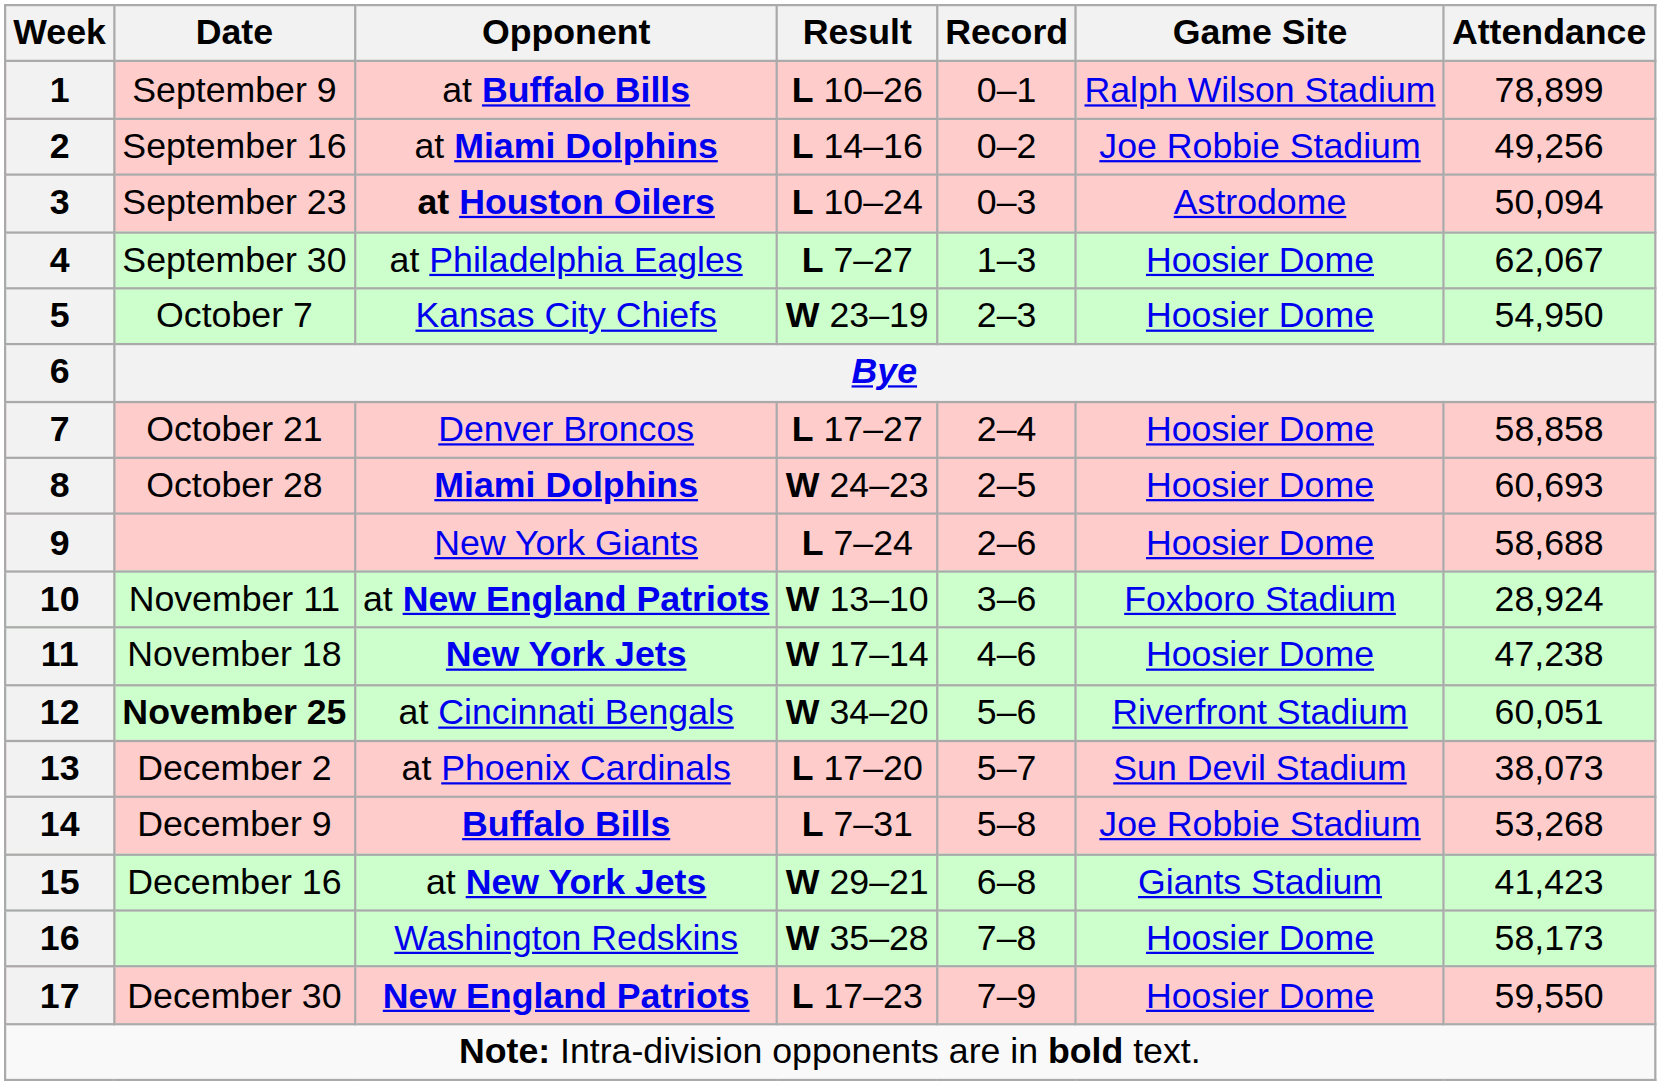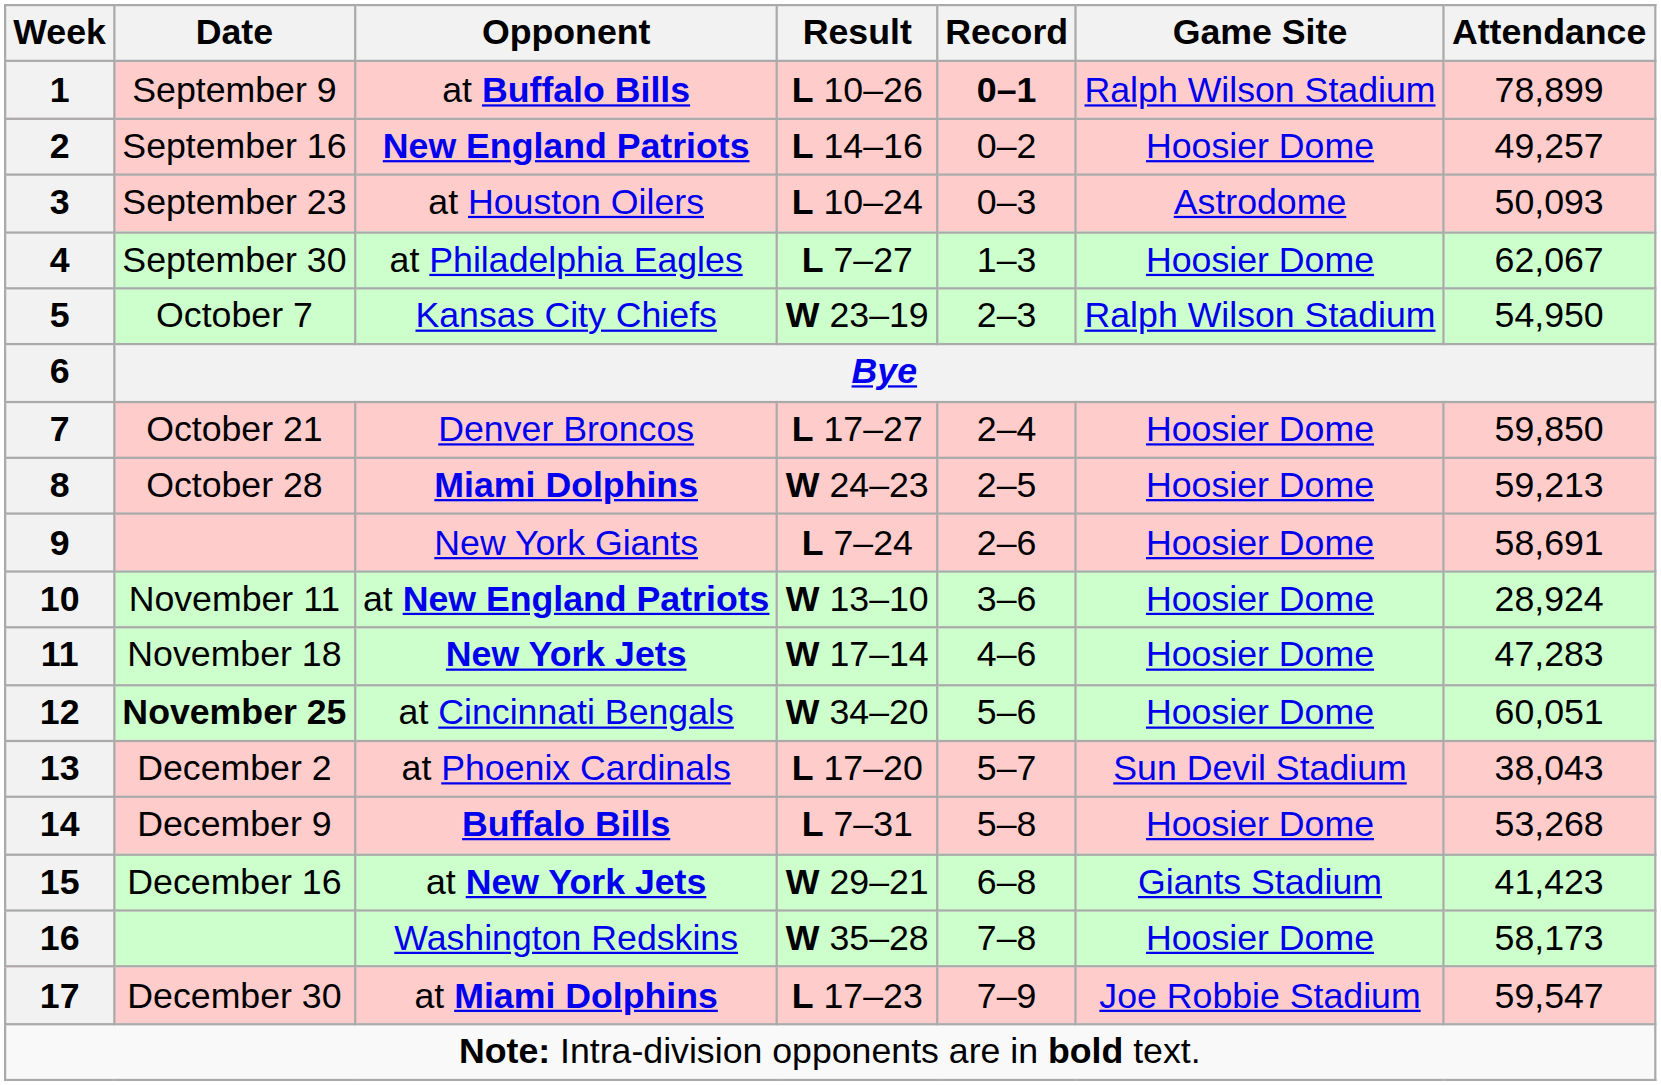 <table class="wikitable" style="text-align:center">
 <tr>
 <th>Week</th>
 <th>Date</th>
 <th>Opponent</th>
 <th>Result</th>
 <th>Record</th>
 <th>Game Site</th>
 <th>Attendance</th>
 </tr>
 <tr style="background:#fcc">
 <th>1</th>
 <td>September 9</td>
 <td>at <strong><a href='#'>Buffalo Bills</a></strong></td>
 <td><strong>L</strong> 10–26</td>
-<td>0–1</td>
+<td><strong>0–1</strong></td>
 <td><a href='#'>Ralph Wilson Stadium</a></td>
 <td>78,899</td>
 </tr>
 <tr style="background:#fcc">
 <th>2</th>
 <td>September 16</td>
-<td>at <strong><a href='#'>Miami Dolphins</a></strong></td>
+<td><strong><a href='#'>New England Patriots</a></strong></td>
 <td><strong>L</strong> 14–16</td>
 <td>0–2</td>
-<td><a href='#'>Joe Robbie Stadium</a></td>
-<td>49,256</td>
+<td><a href='#'>Hoosier Dome</a></td>
+<td>49,257</td>
 </tr>
 <tr style="background:#fcc">
 <th>3</th>
 <td>September 23</td>
-<td><strong>at <a href='#'>Houston Oilers</a></strong></td>
+<td>at <a href='#'>Houston Oilers</a></td>
 <td><strong>L</strong> 10–24</td>
 <td>0–3</td>
 <td><a href='#'>Astrodome</a></td>
-<td>50,094</td>
+<td>50,093</td>
 </tr>
 <tr style="background:#cfc">
 <th>4</th>
 <td>September 30</td>
 <td>at <a href='#'>Philadelphia Eagles</a></td>
 <td><strong>L</strong> 7–27</td>
 <td>1–3</td>
 <td><a href='#'>Hoosier Dome</a></td>
 <td>62,067</td>
 </tr>
 <tr style="background:#cfc">
 <th>5</th>
 <td>October 7</td>
 <td><a href='#'>Kansas City Chiefs</a></td>
 <td><strong>W</strong> 23–19</td>
 <td>2–3</td>
-<td><a href='#'>Hoosier Dome</a></td>
+<td><a href='#'>Ralph Wilson Stadium</a></td>
 <td>54,950</td>
 </tr>
 <tr>
 <th>6</th>
 <th colspan="6" align="center"><em><a href='#'>Bye</a></em></th>
 </tr>
 <tr style="background:#fcc">
 <th>7</th>
 <td>October 21</td>
 <td><a href='#'>Denver Broncos</a></td>
 <td><strong>L</strong> 17–27</td>
 <td>2–4</td>
 <td><a href='#'>Hoosier Dome</a></td>
-<td>58,858</td>
+<td>59,850</td>
 </tr>
 <tr style="background:#fcc">
 <th>8</th>
 <td>October 28</td>
 <td><strong><a href='#'>Miami Dolphins</a></strong></td>
 <td><strong>W</strong> 24–23</td>
 <td>2–5</td>
 <td><a href='#'>Hoosier Dome</a></td>
-<td>60,693</td>
+<td>59,213</td>
 </tr>
 <tr style="background:#fcc">
 <th>9</th>
 <td></td>
 <td><a href='#'>New York Giants</a></td>
 <td><strong>L</strong> 7–24</td>
 <td>2–6</td>
 <td><a href='#'>Hoosier Dome</a></td>
-<td>58,688</td>
+<td>58,691</td>
 </tr>
 <tr style="background:#cfc">
 <th>10</th>
 <td>November 11</td>
 <td>at <strong><a href='#'>New England Patriots</a></strong></td>
 <td><strong>W</strong> 13–10</td>
 <td>3–6</td>
-<td><a href='#'>Foxboro Stadium</a></td>
+<td><a href='#'>Hoosier Dome</a></td>
 <td>28,924</td>
 </tr>
 <tr style="background:#cfc">
 <th>11</th>
 <td>November 18</td>
 <td><strong><a href='#'>New York Jets</a></strong></td>
 <td><strong>W</strong> 17–14</td>
 <td>4–6</td>
 <td><a href='#'>Hoosier Dome</a></td>
-<td>47,238</td>
+<td>47,283</td>
 </tr>
 <tr style="background:#cfc">
 <th>12</th>
 <td><strong>November 25</strong></td>
 <td>at <a href='#'>Cincinnati Bengals</a></td>
 <td><strong>W</strong> 34–20</td>
 <td>5–6</td>
-<td><a href='#'>Riverfront Stadium</a></td>
+<td><a href='#'>Hoosier Dome</a></td>
 <td>60,051</td>
 </tr>
 <tr style="background:#fcc">
 <th>13</th>
 <td>December 2</td>
 <td>at <a href='#'>Phoenix Cardinals</a></td>
 <td><strong>L</strong> 17–20</td>
 <td>5–7</td>
 <td><a href='#'>Sun Devil Stadium</a></td>
-<td>38,073</td>
+<td>38,043</td>
 </tr>
 <tr style="background:#fcc">
 <th>14</th>
 <td>December 9</td>
 <td><strong><a href='#'>Buffalo Bills</a></strong></td>
 <td><strong>L</strong> 7–31</td>
 <td>5–8</td>
-<td><a href='#'>Joe Robbie Stadium</a></td>
+<td><a href='#'>Hoosier Dome</a></td>
 <td>53,268</td>
 </tr>
 <tr style="background:#cfc">
 <th>15</th>
 <td>December 16</td>
 <td>at <strong><a href='#'>New York Jets</a></strong></td>
 <td><strong>W</strong> 29–21</td>
 <td>6–8</td>
 <td><a href='#'>Giants Stadium</a></td>
 <td>41,423</td>
 </tr>
 <tr style="background:#cfc">
 <th>16</th>
 <td></td>
 <td><a href='#'>Washington Redskins</a></td>
 <td><strong>W</strong> 35–28</td>
 <td>7–8</td>
 <td><a href='#'>Hoosier Dome</a></td>
 <td>58,173</td>
 </tr>
 <tr style="background:#fcc">
 <th>17</th>
 <td>December 30</td>
-<td><strong><a href='#'>New England Patriots</a></strong></td>
+<td>at <strong><a href='#'>Miami Dolphins</a></strong></td>
 <td><strong>L</strong> 17–23</td>
 <td>7–9</td>
-<td><a href='#'>Hoosier Dome</a></td>
-<td>59,550</td>
+<td><a href='#'>Joe Robbie Stadium</a></td>
+<td>59,547</td>
 </tr>
 <tr>
 <td colspan="8"><strong>Note:</strong> Intra-division opponents are in <strong>bold</strong> text.</td>
 </tr>
 </table>
